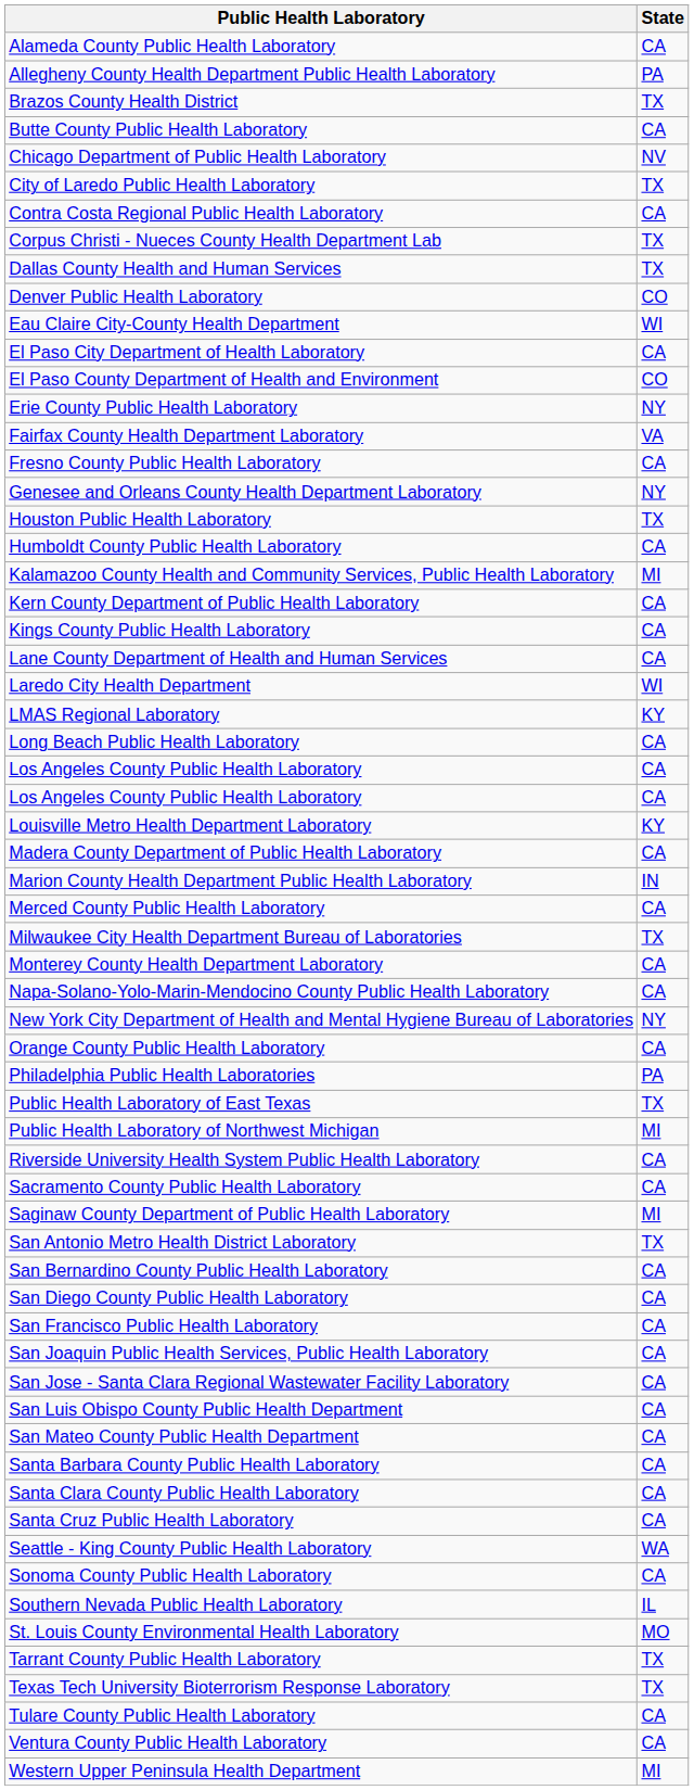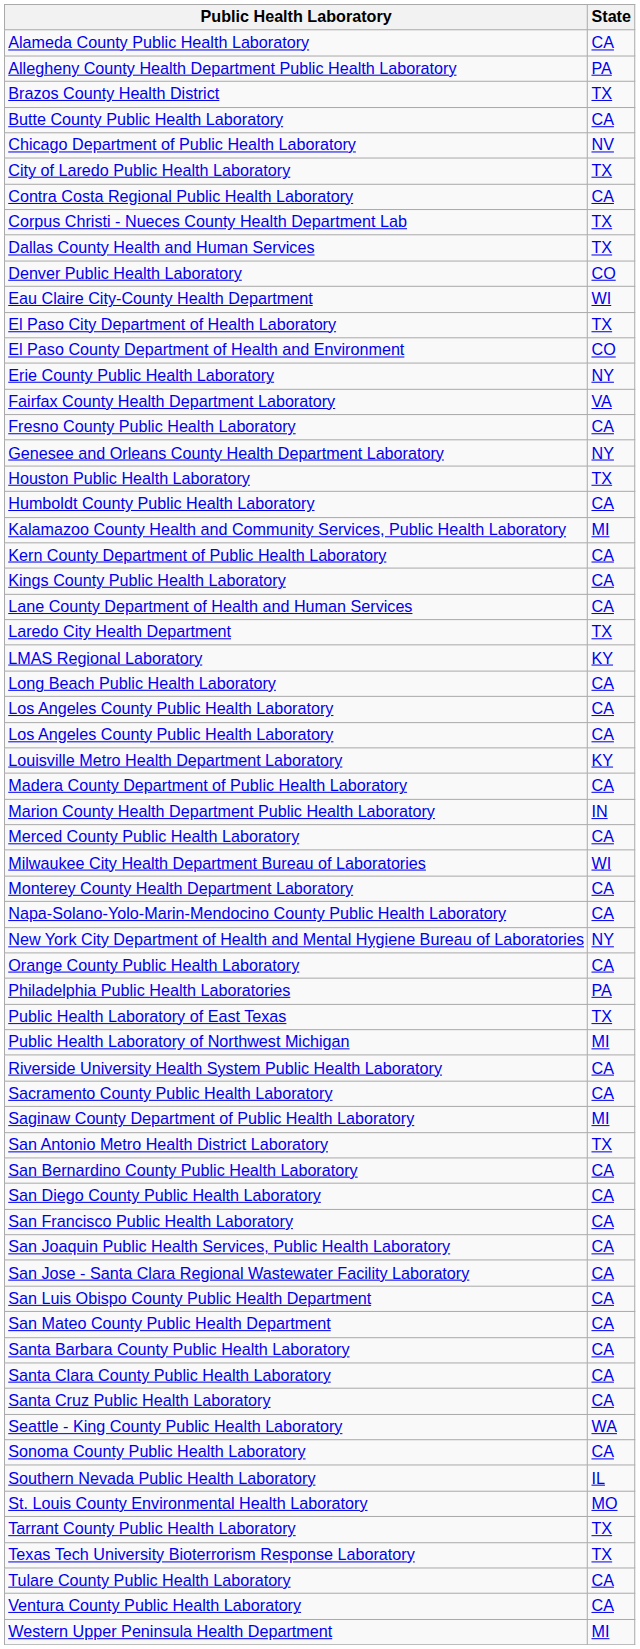 <table class="wikitable sortable">
 <tr>
 <th>Public Health Laboratory</th>
 <th>State</th>
 </tr>
 <tr>
 <td><a href='#'>Alameda County Public Health Laboratory</a></td>
 <td><a href='#'>CA</a></td>
 </tr>
 <tr>
 <td><a href='#'>Allegheny County Health Department Public Health Laboratory</a></td>
 <td><a href='#'>PA</a></td>
 </tr>
 <tr>
 <td><a href='#'>Brazos County Health District</a></td>
 <td><a href='#'>TX</a></td>
 </tr>
 <tr>
 <td><a href='#'>Butte County Public Health Laboratory</a></td>
 <td><a href='#'>CA</a></td>
 </tr>
 <tr>
 <td><a href='#'>Chicago Department of Public Health Laboratory</a></td>
 <td><a href='#'>NV</a></td>
 </tr>
 <tr>
 <td><a href='#'>City of Laredo Public Health Laboratory</a></td>
 <td><a href='#'>TX</a></td>
 </tr>
 <tr>
 <td><a href='#'>Contra Costa Regional Public Health Laboratory</a></td>
 <td><a href='#'>CA</a></td>
 </tr>
 <tr>
 <td><a href='#'>Corpus Christi - Nueces County Health Department Lab</a></td>
 <td><a href='#'>TX</a></td>
 </tr>
 <tr>
 <td><a href='#'>Dallas County Health and Human Services</a></td>
 <td><a href='#'>TX</a></td>
 </tr>
 <tr>
 <td><a href='#'>Denver Public Health Laboratory</a></td>
 <td><a href='#'>CO</a></td>
 </tr>
 <tr>
 <td><a href='#'>Eau Claire City-County Health Department</a></td>
 <td><a href='#'>WI</a></td>
 </tr>
 <tr>
 <td><a href='#'>El Paso City Department of Health Laboratory</a></td>
-<td><a href='#'>CA</a></td>
+<td><a href='#'>TX</a></td>
 </tr>
 <tr>
 <td><a href='#'>El Paso County Department of Health and Environment</a></td>
 <td><a href='#'>CO</a></td>
 </tr>
 <tr>
 <td><a href='#'>Erie County Public Health Laboratory</a></td>
 <td><a href='#'>NY</a></td>
 </tr>
 <tr>
 <td><a href='#'>Fairfax County Health Department Laboratory</a></td>
 <td><a href='#'>VA</a></td>
 </tr>
 <tr>
 <td><a href='#'>Fresno County Public Health Laboratory</a></td>
 <td><a href='#'>CA</a></td>
 </tr>
 <tr>
 <td><a href='#'>Genesee and Orleans County Health Department Laboratory</a></td>
 <td><a href='#'>NY</a></td>
 </tr>
 <tr>
 <td><a href='#'>Houston Public Health Laboratory</a></td>
 <td><a href='#'>TX</a></td>
 </tr>
 <tr>
 <td><a href='#'>Humboldt County Public Health Laboratory</a></td>
 <td><a href='#'>CA</a></td>
 </tr>
 <tr>
 <td><a href='#'>Kalamazoo County Health and Community Services, Public Health Laboratory</a></td>
 <td><a href='#'>MI</a></td>
 </tr>
 <tr>
 <td><a href='#'>Kern County Department of Public Health Laboratory</a></td>
 <td><a href='#'>CA</a></td>
 </tr>
 <tr>
 <td><a href='#'>Kings County Public Health Laboratory</a></td>
 <td><a href='#'>CA</a></td>
 </tr>
 <tr>
 <td><a href='#'>Lane County Department of Health and Human Services</a></td>
 <td><a href='#'>CA</a></td>
 </tr>
 <tr>
 <td><a href='#'>Laredo City Health Department</a></td>
-<td><a href='#'>WI</a></td>
+<td><a href='#'>TX</a></td>
 </tr>
 <tr>
 <td><a href='#'>LMAS Regional Laboratory</a></td>
 <td><a href='#'>KY</a></td>
 </tr>
 <tr>
 <td><a href='#'>Long Beach Public Health Laboratory</a></td>
 <td><a href='#'>CA</a></td>
 </tr>
 <tr>
 <td><a href='#'>Los Angeles County Public Health Laboratory</a></td>
 <td><a href='#'>CA</a></td>
 </tr>
 <tr>
 <td><a href='#'>Los Angeles County Public Health Laboratory</a></td>
 <td><a href='#'>CA</a></td>
 </tr>
 <tr>
 <td><a href='#'>Louisville Metro Health Department Laboratory</a></td>
 <td><a href='#'>KY</a></td>
 </tr>
 <tr>
 <td><a href='#'>Madera County Department of Public Health Laboratory</a></td>
 <td><a href='#'>CA</a></td>
 </tr>
 <tr>
 <td><a href='#'>Marion County Health Department Public Health Laboratory</a></td>
 <td><a href='#'>IN</a></td>
 </tr>
 <tr>
 <td><a href='#'>Merced County Public Health Laboratory</a></td>
 <td><a href='#'>CA</a></td>
 </tr>
 <tr>
 <td><a href='#'>Milwaukee City Health Department Bureau of Laboratories</a></td>
-<td><a href='#'>TX</a></td>
+<td><a href='#'>WI</a></td>
 </tr>
 <tr>
 <td><a href='#'>Monterey County Health Department Laboratory</a></td>
 <td><a href='#'>CA</a></td>
 </tr>
 <tr>
 <td><a href='#'>Napa-Solano-Yolo-Marin-Mendocino County Public Health Laboratory</a></td>
 <td><a href='#'>CA</a></td>
 </tr>
 <tr>
 <td><a href='#'>New York City Department of Health and Mental Hygiene Bureau of Laboratories</a></td>
 <td><a href='#'>NY</a></td>
 </tr>
 <tr>
 <td><a href='#'>Orange County Public Health Laboratory</a></td>
 <td><a href='#'>CA</a></td>
 </tr>
 <tr>
 <td><a href='#'>Philadelphia Public Health Laboratories</a></td>
 <td><a href='#'>PA</a></td>
 </tr>
 <tr>
 <td><a href='#'>Public Health Laboratory of East Texas</a></td>
 <td><a href='#'>TX</a></td>
 </tr>
 <tr>
 <td><a href='#'>Public Health Laboratory of Northwest Michigan</a></td>
 <td><a href='#'>MI</a></td>
 </tr>
 <tr>
 <td><a href='#'>Riverside University Health System Public Health Laboratory</a></td>
 <td><a href='#'>CA</a></td>
 </tr>
 <tr>
 <td><a href='#'>Sacramento County Public Health Laboratory</a></td>
 <td><a href='#'>CA</a></td>
 </tr>
 <tr>
 <td><a href='#'>Saginaw County Department of Public Health Laboratory</a></td>
 <td><a href='#'>MI</a></td>
 </tr>
 <tr>
 <td><a href='#'>San Antonio Metro Health District Laboratory</a></td>
 <td><a href='#'>TX</a></td>
 </tr>
 <tr>
 <td><a href='#'>San Bernardino County Public Health Laboratory</a></td>
 <td><a href='#'>CA</a></td>
 </tr>
 <tr>
 <td><a href='#'>San Diego County Public Health Laboratory</a></td>
 <td><a href='#'>CA</a></td>
 </tr>
 <tr>
 <td><a href='#'>San Francisco Public Health Laboratory</a></td>
 <td><a href='#'>CA</a></td>
 </tr>
 <tr>
 <td><a href='#'>San Joaquin Public Health Services, Public Health Laboratory</a></td>
 <td><a href='#'>CA</a></td>
 </tr>
 <tr>
 <td><a href='#'>San Jose - Santa Clara Regional Wastewater Facility Laboratory</a></td>
 <td><a href='#'>CA</a></td>
 </tr>
 <tr>
 <td><a href='#'>San Luis Obispo County Public Health Department</a></td>
 <td><a href='#'>CA</a></td>
 </tr>
 <tr>
 <td><a href='#'>San Mateo County Public Health Department</a></td>
 <td><a href='#'>CA</a></td>
 </tr>
 <tr>
 <td><a href='#'>Santa Barbara County Public Health Laboratory</a></td>
 <td><a href='#'>CA</a></td>
 </tr>
 <tr>
 <td><a href='#'>Santa Clara County Public Health Laboratory</a></td>
 <td><a href='#'>CA</a></td>
 </tr>
 <tr>
 <td><a href='#'>Santa Cruz Public Health Laboratory</a></td>
 <td><a href='#'>CA</a></td>
 </tr>
 <tr>
 <td><a href='#'>Seattle - King County Public Health Laboratory</a></td>
 <td><a href='#'>WA</a></td>
 </tr>
 <tr>
 <td><a href='#'>Sonoma County Public Health Laboratory</a></td>
 <td><a href='#'>CA</a></td>
 </tr>
 <tr>
 <td><a href='#'>Southern Nevada Public Health Laboratory</a></td>
 <td><a href='#'>IL</a></td>
 </tr>
 <tr>
 <td><a href='#'>St. Louis County Environmental Health Laboratory</a></td>
 <td><a href='#'>MO</a></td>
 </tr>
 <tr>
 <td><a href='#'>Tarrant County Public Health Laboratory</a></td>
 <td><a href='#'>TX</a></td>
 </tr>
 <tr>
 <td><a href='#'>Texas Tech University Bioterrorism Response Laboratory</a></td>
 <td><a href='#'>TX</a></td>
 </tr>
 <tr>
 <td><a href='#'>Tulare County Public Health Laboratory</a></td>
 <td><a href='#'>CA</a></td>
 </tr>
 <tr>
 <td><a href='#'>Ventura County Public Health Laboratory</a></td>
 <td><a href='#'>CA</a></td>
 </tr>
 <tr>
 <td><a href='#'>Western Upper Peninsula Health Department</a></td>
 <td><a href='#'>MI</a></td>
 </tr>
 </table>
